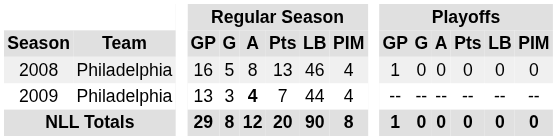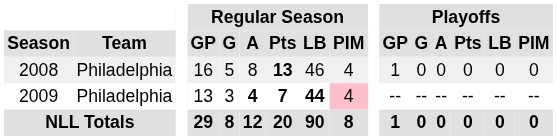 <table BORDER="0" CELLPADDING="3" CELLSPACING="0">
 <tr ALIGN="center" bgcolor="#e0e0e0">
 <th colspan="2" bgcolor="#ffffff"> </th>
 <th rowspan="99" bgcolor="#ffffff"> </th>
 <th colspan="6">Regular Season</th>
 <th rowspan="99" bgcolor="#ffffff"> </th>
 <th colspan="6">Playoffs</th>
 </tr>
 <tr ALIGN="center" bgcolor="#e0e0e0">
 <th>Season</th>
 <th>Team</th>
 <th>GP</th>
 <th>G</th>
 <th>A</th>
 <th>Pts</th>
 <th>LB</th>
 <th>PIM</th>
 <th>GP</th>
 <th>G</th>
 <th>A</th>
 <th>Pts</th>
 <th>LB</th>
 <th>PIM</th>
 </tr>
 <tr ALIGN="center" bgcolor="#f0f0f0">
 <td>2008</td>
 <td>Philadelphia</td>
 <td>16</td>
 <td>5</td>
 <td>8</td>
-<td>13</td>
+<td><strong>13</strong></td>
 <td>46</td>
 <td>4</td>
 <td>1</td>
 <td>0</td>
 <td>0</td>
 <td>0</td>
 <td>0</td>
 <td>0</td>
 </tr>
 <tr ALIGN="center">
 <td>2009</td>
 <td>Philadelphia</td>
 <td>13</td>
 <td>3</td>
 <td><strong>4</strong></td>
-<td>7</td>
-<td>44</td>
-<td>4</td>
+<td><strong>7</strong></td>
+<td><strong>44</strong></td>
+<td style="background: pink;">4</td>
 <td>--</td>
 <td>--</td>
 <td>--</td>
 <td>--</td>
 <td>--</td>
 <td>--</td>
 </tr>
 <tr ALIGN="center" bgcolor="#e0e0e0">
 <th colspan="2">NLL Totals</th>
 <th>29</th>
 <th>8</th>
 <th>12</th>
 <th>20</th>
 <th>90</th>
 <th>8</th>
 <th>1</th>
 <th>0</th>
 <th>0</th>
 <th>0</th>
 <th>0</th>
 <th>0</th>
 </tr>
 </table>
